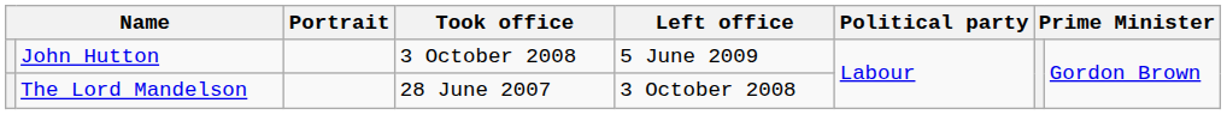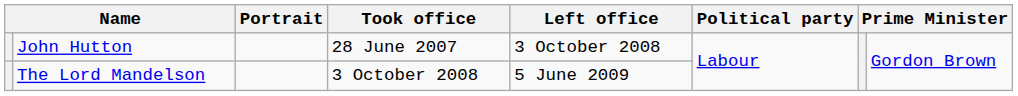 <table class="wikitable">
 <tr>
 <th colspan=2>Name</th>
 <th>Portrait</th>
 <th width=130>Took office</th>
 <th width=130>Left office</th>
 <th>Political party</th>
 <th colspan=2>Prime Minister</th>
 </tr>
 <tr>
 <th style="background-color: "></th>
 <td width=160><a href='#'>John Hutton</a></td>
 <td></td>
+<td>28 June 2007</td>
 <td>3 October 2008</td>
-<td>5 June 2009</td>
 <td rowspan="2"><a href='#'>Labour</a></td>
 <th rowspan="2" style="background-color: "></th>
 <td rowspan="2"><a href='#'>Gordon Brown</a></td>
 </tr>
 <tr>
 <th style="background-color: "></th>
 <td width=160><a href='#'>The Lord Mandelson</a></td>
 <td></td>
-<td>28 June 2007</td>
 <td>3 October 2008</td>
+<td>5 June 2009</td>
 </tr>
 </table>
